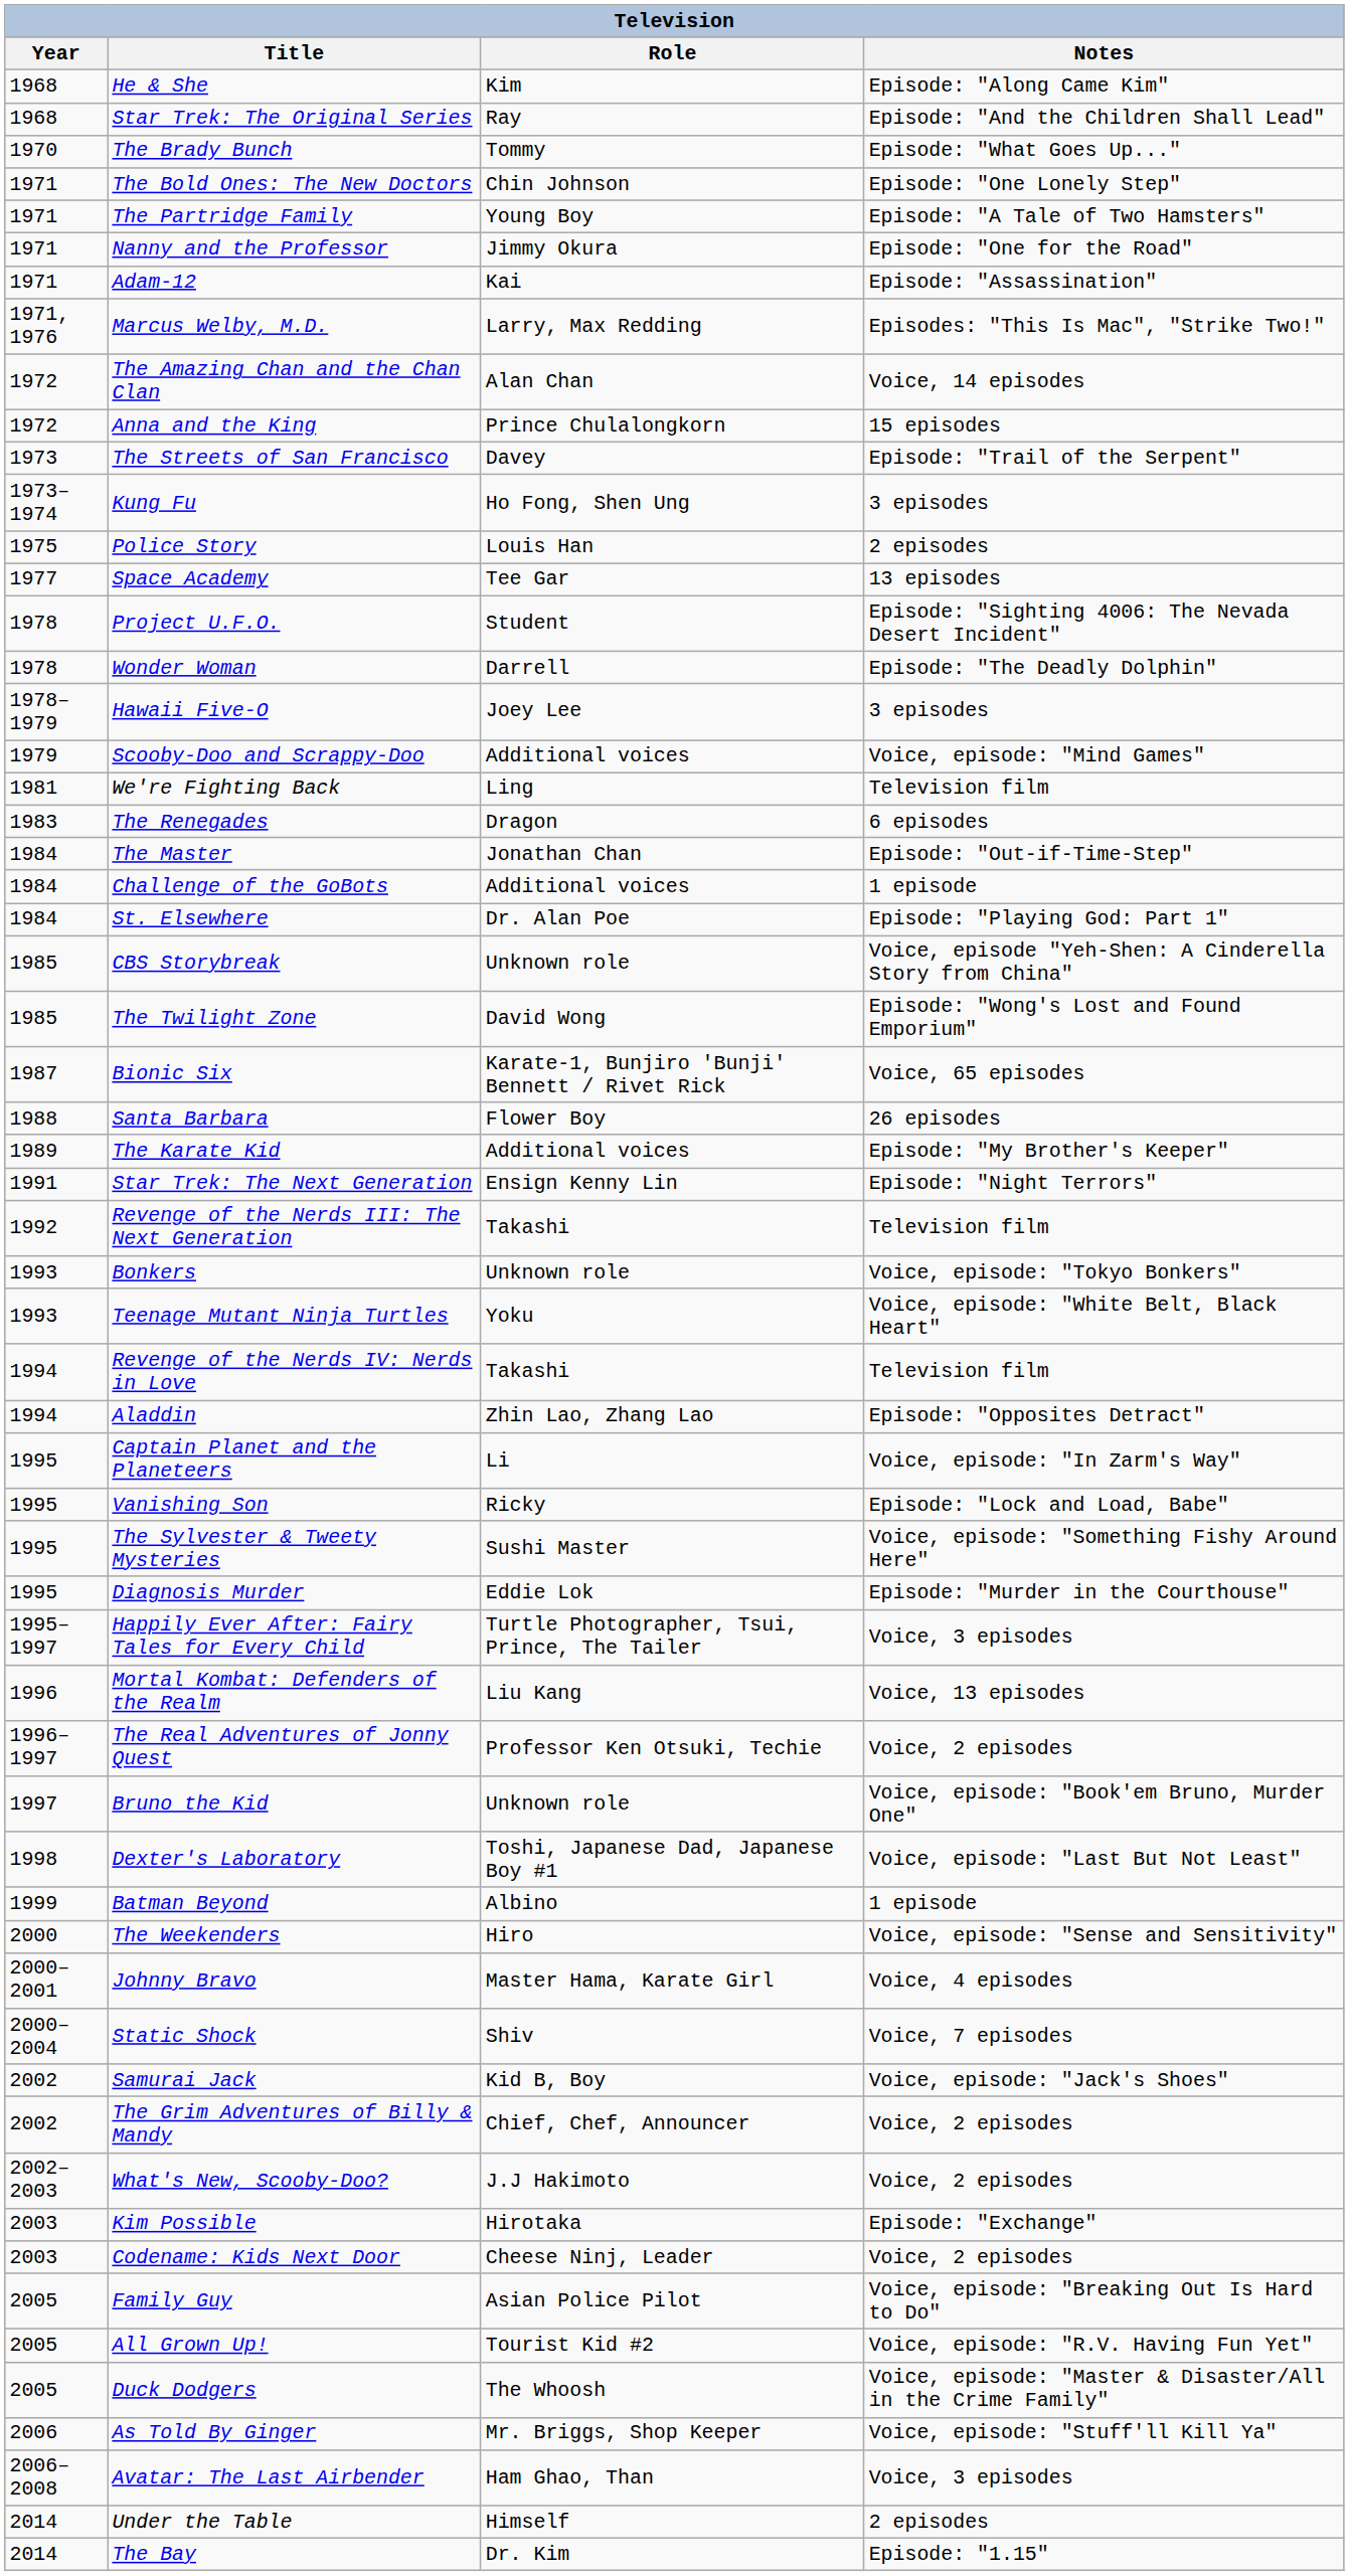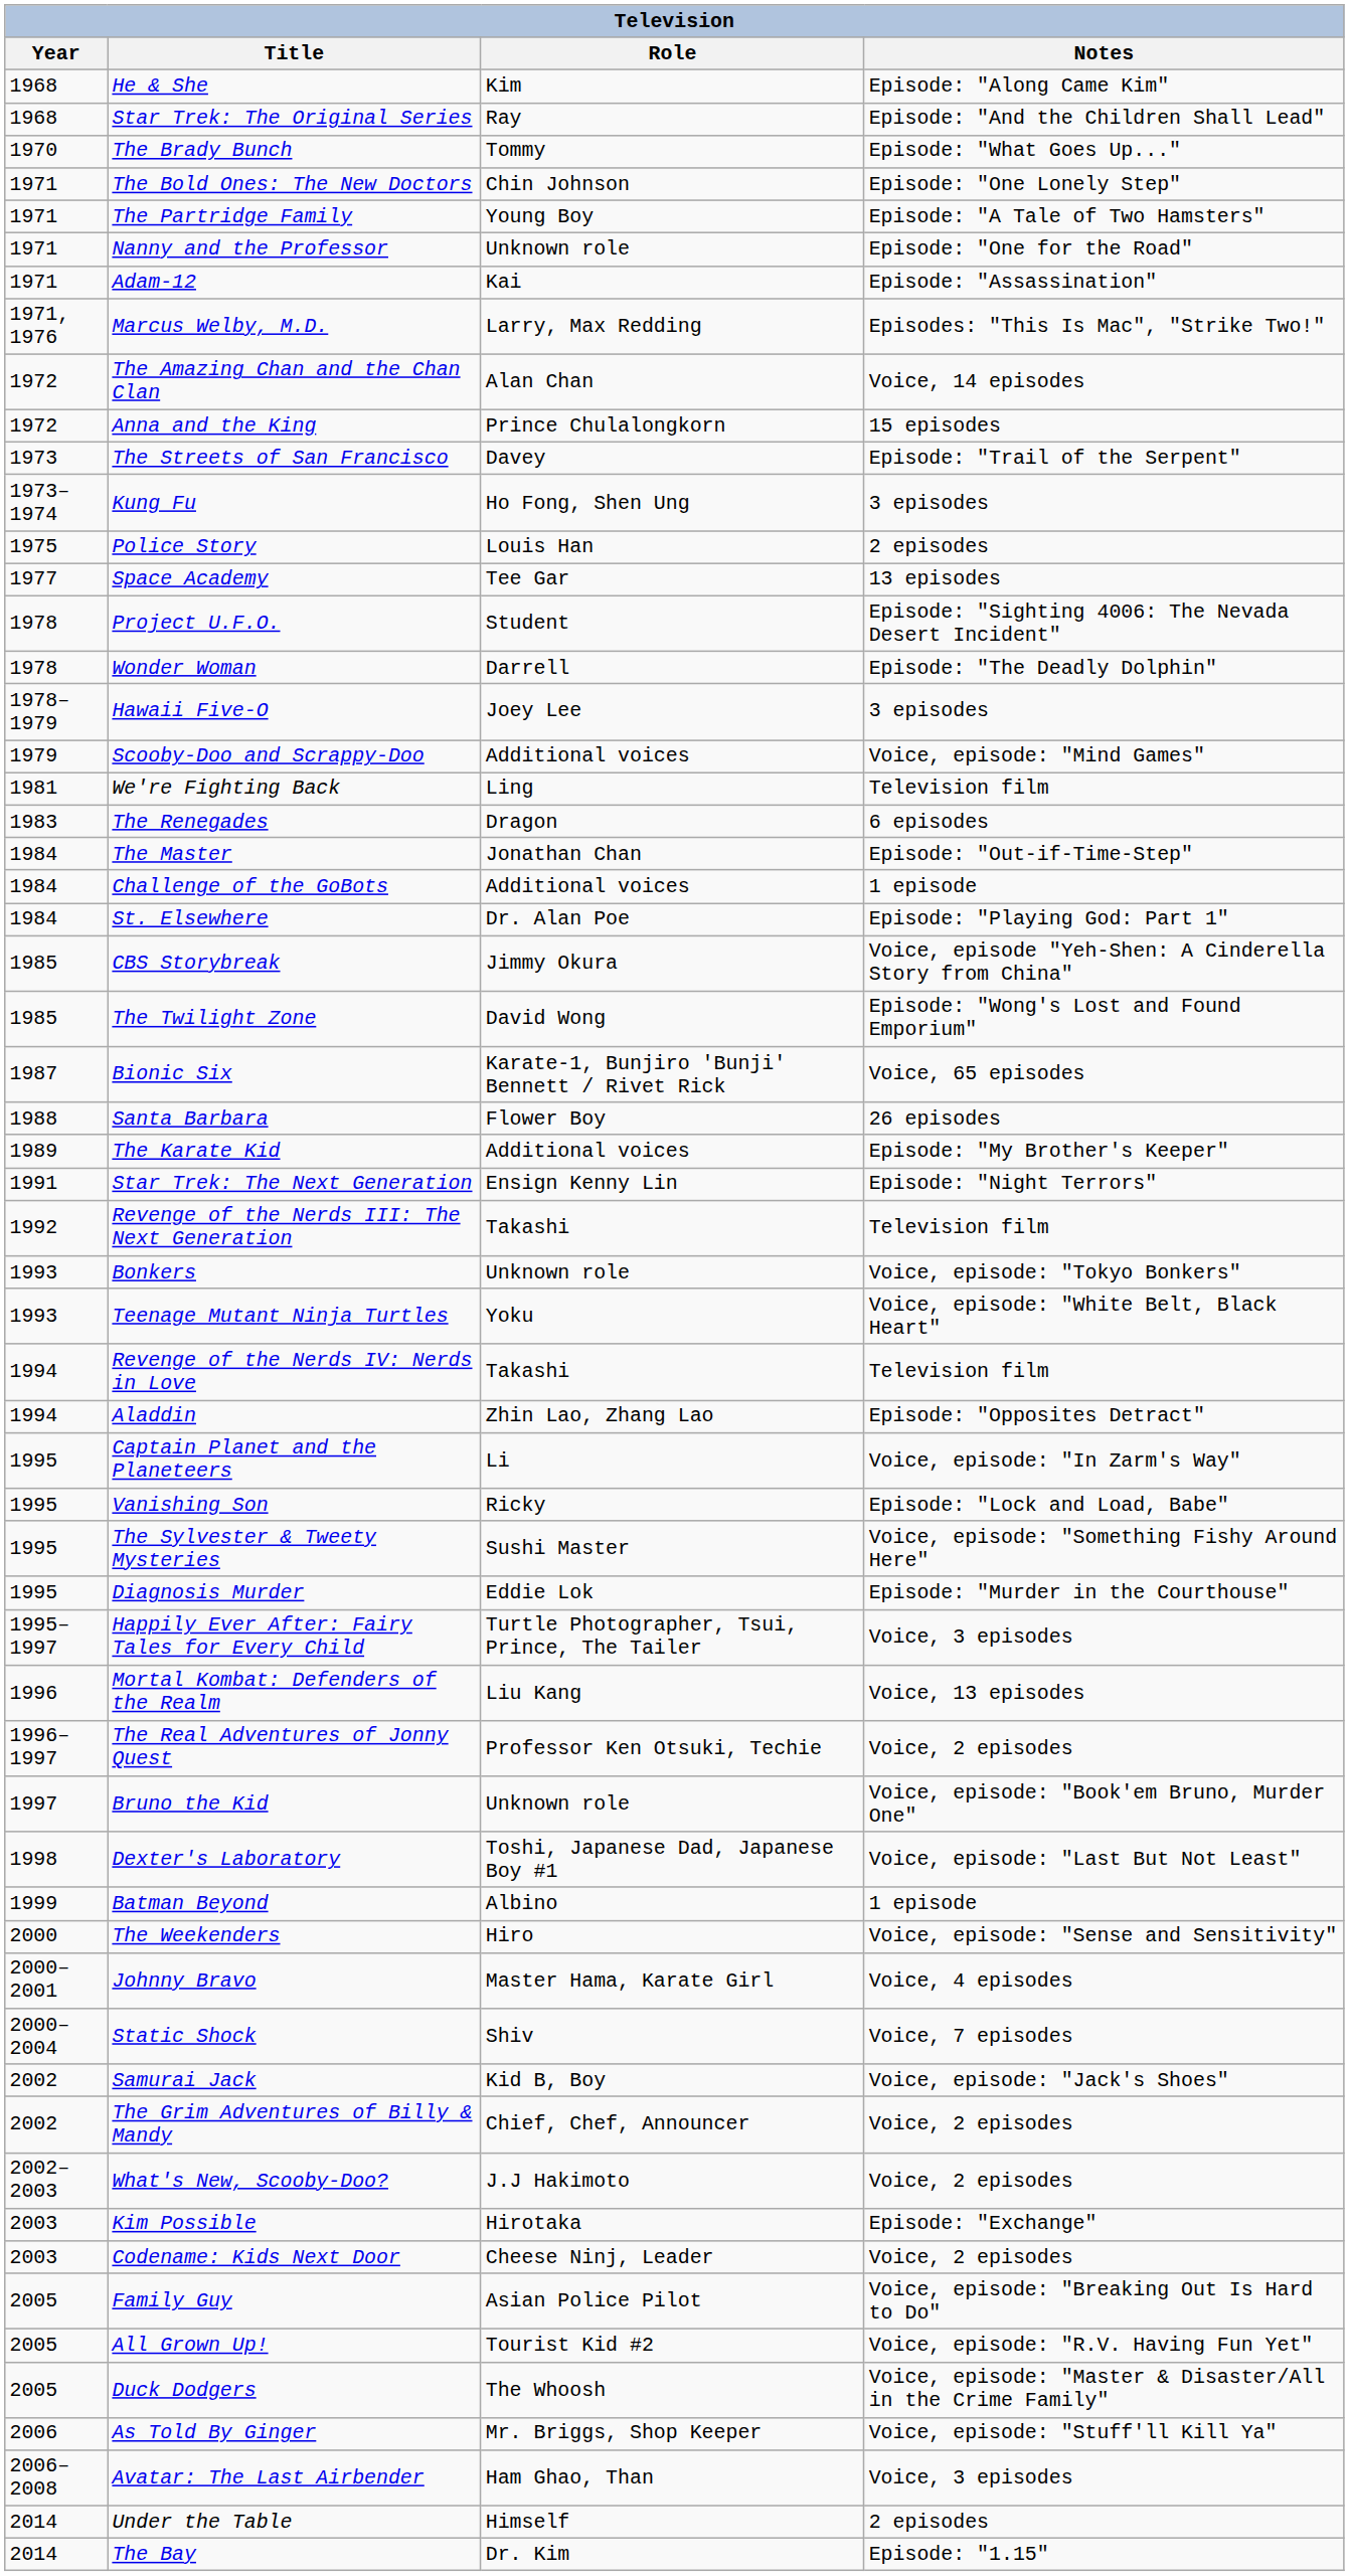 <table class="wikitable">
 <tr>
 <th colspan="4" style="background: LightSteelBlue;">Television</th>
 </tr>
 <tr>
 <th>Year</th>
 <th>Title</th>
 <th>Role</th>
 <th>Notes</th>
 </tr>
 <tr>
 <td>1968</td>
 <td><em><a href='#'>He & She</a></em></td>
 <td>Kim</td>
 <td>Episode: "Along Came Kim"</td>
 </tr>
 <tr>
 <td>1968</td>
 <td><em><a href='#'>Star Trek: The Original Series</a></em></td>
 <td>Ray</td>
 <td>Episode: "And the Children Shall Lead"</td>
 </tr>
 <tr>
 <td>1970</td>
 <td><em><a href='#'>The Brady Bunch</a></em></td>
 <td>Tommy</td>
 <td>Episode: "What Goes Up..."</td>
 </tr>
 <tr>
 <td>1971</td>
 <td><em><a href='#'>The Bold Ones: The New Doctors</a></em></td>
 <td>Chin Johnson</td>
 <td>Episode: "One Lonely Step"</td>
 </tr>
 <tr>
 <td>1971</td>
 <td><em><a href='#'>The Partridge Family</a></em></td>
 <td>Young Boy</td>
 <td>Episode: "A Tale of Two Hamsters"</td>
 </tr>
 <tr>
 <td>1971</td>
 <td><em><a href='#'>Nanny and the Professor</a></em></td>
-<td>Jimmy Okura</td>
+<td>Unknown role</td>
 <td>Episode: "One for the Road"</td>
 </tr>
 <tr>
 <td>1971</td>
 <td><em><a href='#'>Adam-12</a></em></td>
 <td>Kai</td>
 <td>Episode: "Assassination"</td>
 </tr>
 <tr>
 <td>1971, 1976</td>
 <td><em><a href='#'>Marcus Welby, M.D.</a></em></td>
 <td>Larry, Max Redding</td>
 <td>Episodes: "This Is Mac", "Strike Two!"</td>
 </tr>
 <tr>
 <td>1972</td>
 <td><em><a href='#'>The Amazing Chan and the Chan Clan</a></em></td>
 <td>Alan Chan</td>
 <td>Voice, 14 episodes</td>
 </tr>
 <tr>
 <td>1972</td>
 <td><em><a href='#'>Anna and the King</a></em></td>
 <td>Prince Chulalongkorn</td>
 <td>15 episodes</td>
 </tr>
 <tr>
 <td>1973</td>
 <td><em><a href='#'>The Streets of San Francisco</a></em></td>
 <td>Davey</td>
 <td>Episode: "Trail of the Serpent"</td>
 </tr>
 <tr>
 <td>1973–1974</td>
 <td><em><a href='#'>Kung Fu</a></em></td>
 <td>Ho Fong, Shen Ung</td>
 <td>3 episodes</td>
 </tr>
 <tr>
 <td>1975</td>
 <td><em><a href='#'>Police Story</a></em></td>
 <td>Louis Han</td>
 <td>2 episodes</td>
 </tr>
 <tr>
 <td>1977</td>
 <td><em><a href='#'>Space Academy</a></em></td>
 <td>Tee Gar</td>
 <td>13 episodes</td>
 </tr>
 <tr>
 <td>1978</td>
 <td><em><a href='#'>Project U.F.O.</a></em></td>
 <td>Student</td>
 <td>Episode: "Sighting 4006: The Nevada Desert Incident"</td>
 </tr>
 <tr>
 <td>1978</td>
 <td><em><a href='#'>Wonder Woman</a></em></td>
 <td>Darrell</td>
 <td>Episode: "The Deadly Dolphin"</td>
 </tr>
 <tr>
 <td>1978–1979</td>
 <td><em><a href='#'>Hawaii Five-O</a></em></td>
 <td>Joey Lee</td>
 <td>3 episodes</td>
 </tr>
 <tr>
 <td>1979</td>
 <td><em><a href='#'>Scooby-Doo and Scrappy-Doo</a></em></td>
 <td>Additional voices</td>
 <td>Voice, episode: "Mind Games"</td>
 </tr>
 <tr>
 <td>1981</td>
 <td><em>We're Fighting Back</em></td>
 <td>Ling</td>
 <td>Television film</td>
 </tr>
 <tr>
 <td>1983</td>
 <td><em><a href='#'>The Renegades</a></em></td>
 <td>Dragon</td>
 <td>6 episodes</td>
 </tr>
 <tr>
 <td>1984</td>
 <td><em><a href='#'>The Master</a></em></td>
 <td>Jonathan Chan</td>
 <td>Episode: "Out-if-Time-Step"</td>
 </tr>
 <tr>
 <td>1984</td>
 <td><em><a href='#'>Challenge of the GoBots</a></em></td>
 <td>Additional voices</td>
 <td>1 episode</td>
 </tr>
 <tr>
 <td>1984</td>
 <td><em><a href='#'>St. Elsewhere</a></em></td>
 <td>Dr. Alan Poe</td>
 <td>Episode: "Playing God: Part 1"</td>
 </tr>
 <tr>
 <td>1985</td>
 <td><em><a href='#'>CBS Storybreak</a></em></td>
-<td>Unknown role</td>
+<td>Jimmy Okura</td>
 <td>Voice, episode "Yeh-Shen: A Cinderella Story from China"</td>
 </tr>
 <tr>
 <td>1985</td>
 <td><em><a href='#'>The Twilight Zone</a></em></td>
 <td>David Wong</td>
 <td>Episode: "Wong's Lost and Found Emporium"</td>
 </tr>
 <tr>
 <td>1987</td>
 <td><em><a href='#'>Bionic Six</a></em></td>
 <td>Karate-1, Bunjiro 'Bunji' Bennett / Rivet Rick</td>
 <td>Voice, 65 episodes</td>
 </tr>
 <tr>
 <td>1988</td>
 <td><em><a href='#'>Santa Barbara</a></em></td>
 <td>Flower Boy</td>
 <td>26 episodes</td>
 </tr>
 <tr>
 <td>1989</td>
 <td><em><a href='#'>The Karate Kid</a></em></td>
 <td>Additional voices</td>
 <td>Episode: "My Brother's Keeper"</td>
 </tr>
 <tr>
 <td>1991</td>
 <td><em><a href='#'>Star Trek: The Next Generation</a></em></td>
 <td>Ensign Kenny Lin</td>
 <td>Episode: "Night Terrors"</td>
 </tr>
 <tr>
 <td>1992</td>
 <td><em><a href='#'>Revenge of the Nerds III: The Next Generation</a></em></td>
 <td>Takashi</td>
 <td>Television film</td>
 </tr>
 <tr>
 <td>1993</td>
 <td><em><a href='#'>Bonkers</a></em></td>
 <td>Unknown role</td>
 <td>Voice, episode: "Tokyo Bonkers"</td>
 </tr>
 <tr>
 <td>1993</td>
 <td><em><a href='#'>Teenage Mutant Ninja Turtles</a></em></td>
 <td>Yoku</td>
 <td>Voice, episode: "White Belt, Black Heart"</td>
 </tr>
 <tr>
 <td>1994</td>
 <td><em><a href='#'>Revenge of the Nerds IV: Nerds in Love</a></em></td>
 <td>Takashi</td>
 <td>Television film</td>
 </tr>
 <tr>
 <td>1994</td>
 <td><em><a href='#'>Aladdin</a></em></td>
 <td>Zhin Lao, Zhang Lao</td>
 <td>Episode: "Opposites Detract"</td>
 </tr>
 <tr>
 <td>1995</td>
 <td><em><a href='#'>Captain Planet and the Planeteers</a></em></td>
 <td>Li</td>
 <td>Voice, episode: "In Zarm's Way"</td>
 </tr>
 <tr>
 <td>1995</td>
 <td><em><a href='#'>Vanishing Son</a></em></td>
 <td>Ricky</td>
 <td>Episode: "Lock and Load, Babe"</td>
 </tr>
 <tr>
 <td>1995</td>
 <td><em><a href='#'>The Sylvester & Tweety Mysteries</a></em></td>
 <td>Sushi Master</td>
 <td>Voice, episode: "Something Fishy Around Here"</td>
 </tr>
 <tr>
 <td>1995</td>
 <td><em><a href='#'>Diagnosis Murder</a></em></td>
 <td>Eddie Lok</td>
 <td>Episode: "Murder in the Courthouse"</td>
 </tr>
 <tr>
 <td>1995–1997</td>
 <td><em><a href='#'>Happily Ever After: Fairy Tales for Every Child</a></em></td>
 <td>Turtle Photographer, Tsui, Prince, The Tailer</td>
 <td>Voice, 3 episodes</td>
 </tr>
 <tr>
 <td>1996</td>
 <td><em><a href='#'>Mortal Kombat: Defenders of the Realm</a></em></td>
 <td>Liu Kang</td>
 <td>Voice, 13 episodes</td>
 </tr>
 <tr>
 <td>1996–1997</td>
 <td><em><a href='#'>The Real Adventures of Jonny Quest</a></em></td>
 <td>Professor Ken Otsuki, Techie</td>
 <td>Voice, 2 episodes</td>
 </tr>
 <tr>
 <td>1997</td>
 <td><em><a href='#'>Bruno the Kid</a></em></td>
 <td>Unknown role</td>
 <td>Voice, episode: "Book'em Bruno, Murder One"</td>
 </tr>
 <tr>
 <td>1998</td>
 <td><em><a href='#'>Dexter's Laboratory</a></em></td>
 <td>Toshi, Japanese Dad, Japanese Boy #1</td>
 <td>Voice, episode: "Last But Not Least"</td>
 </tr>
 <tr>
 <td>1999</td>
 <td><em><a href='#'>Batman Beyond</a></em></td>
 <td>Albino</td>
 <td>1 episode</td>
 </tr>
 <tr>
 <td>2000</td>
 <td><em><a href='#'>The Weekenders</a></em></td>
 <td>Hiro</td>
 <td>Voice, episode: "Sense and Sensitivity"</td>
 </tr>
 <tr>
 <td>2000–2001</td>
 <td><em><a href='#'>Johnny Bravo</a></em></td>
 <td>Master Hama, Karate Girl</td>
 <td>Voice, 4 episodes</td>
 </tr>
 <tr>
 <td>2000–2004</td>
 <td><em><a href='#'>Static Shock</a></em></td>
 <td>Shiv</td>
 <td>Voice, 7 episodes</td>
 </tr>
 <tr>
 <td>2002</td>
 <td><em><a href='#'>Samurai Jack</a></em></td>
 <td>Kid B, Boy</td>
 <td>Voice, episode: "Jack's Shoes"</td>
 </tr>
 <tr>
 <td>2002</td>
 <td><em><a href='#'>The Grim Adventures of Billy & Mandy</a></em></td>
 <td>Chief, Chef, Announcer</td>
 <td>Voice, 2 episodes</td>
 </tr>
 <tr>
 <td>2002–2003</td>
 <td><em><a href='#'>What's New, Scooby-Doo?</a></em></td>
 <td>J.J Hakimoto</td>
 <td>Voice, 2 episodes</td>
 </tr>
 <tr>
 <td>2003</td>
 <td><em><a href='#'>Kim Possible</a></em></td>
 <td>Hirotaka</td>
 <td>Episode: "Exchange"</td>
 </tr>
 <tr>
 <td>2003</td>
 <td><em><a href='#'>Codename: Kids Next Door</a></em></td>
 <td>Cheese Ninj, Leader</td>
 <td>Voice, 2 episodes</td>
 </tr>
 <tr>
 <td>2005</td>
 <td><em><a href='#'>Family Guy</a></em></td>
 <td>Asian Police Pilot</td>
 <td>Voice, episode: "Breaking Out Is Hard to Do"</td>
 </tr>
 <tr>
 <td>2005</td>
 <td><em><a href='#'>All Grown Up!</a></em></td>
 <td>Tourist Kid #2</td>
 <td>Voice, episode: "R.V. Having Fun Yet"</td>
 </tr>
 <tr>
 <td>2005</td>
 <td><em><a href='#'>Duck Dodgers</a></em></td>
 <td>The Whoosh</td>
 <td>Voice, episode: "Master & Disaster/All in the Crime Family"</td>
 </tr>
 <tr>
 <td>2006</td>
 <td><em><a href='#'>As Told By Ginger</a></em></td>
 <td>Mr. Briggs, Shop Keeper</td>
 <td>Voice, episode: "Stuff'll Kill Ya"</td>
 </tr>
 <tr>
 <td>2006–2008</td>
 <td><em><a href='#'>Avatar: The Last Airbender</a></em></td>
 <td>Ham Ghao, Than</td>
 <td>Voice, 3 episodes</td>
 </tr>
 <tr>
 <td>2014</td>
 <td><em>Under the Table</em></td>
 <td>Himself</td>
 <td>2 episodes</td>
 </tr>
 <tr>
 <td>2014</td>
 <td><em><a href='#'>The Bay</a></em></td>
 <td>Dr. Kim</td>
 <td>Episode: "1.15"</td>
 </tr>
 </table>
